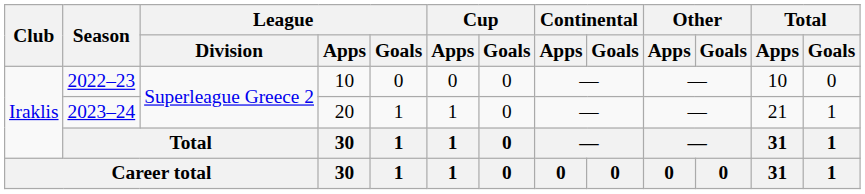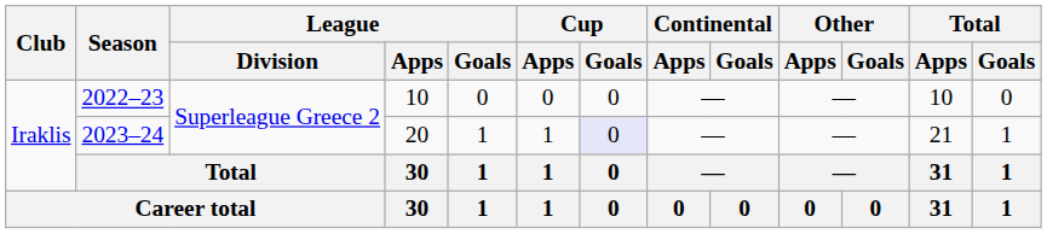 <table class="wikitable" style="text-align:center">
 <tr>
 <th rowspan=2>Club</th>
 <th rowspan=2>Season</th>
 <th colspan=3>League</th>
 <th colspan=2>Cup</th>
 <th colspan=2>Continental</th>
 <th colspan=2>Other</th>
 <th colspan=2>Total</th>
 </tr>
 <tr>
 <th>Division</th>
 <th>Apps</th>
 <th>Goals</th>
 <th>Apps</th>
 <th>Goals</th>
 <th>Apps</th>
 <th>Goals</th>
 <th>Apps</th>
 <th>Goals</th>
 <th>Apps</th>
 <th>Goals</th>
 </tr>
 <tr>
 <td rowspan="3"><a href='#'>Iraklis</a></td>
 <td><a href='#'>2022–23</a></td>
 <td rowspan="2"><a href='#'>Superleague Greece 2</a></td>
 <td>10</td>
 <td>0</td>
 <td>0</td>
 <td>0</td>
 <td colspan="2">—</td>
 <td colspan="2">—</td>
 <td>10</td>
 <td>0</td>
 </tr>
 <tr>
 <td><a href='#'>2023–24</a></td>
 <td>20</td>
 <td>1</td>
 <td>1</td>
-<td>0</td>
+<td style="background: lavender;">0</td>
 <td colspan="2">—</td>
 <td colspan="2">—</td>
 <td>21</td>
 <td>1</td>
 </tr>
 <tr>
 <th colspan="2">Total</th>
 <th>30</th>
 <th>1</th>
 <th>1</th>
 <th>0</th>
 <th colspan="2">—</th>
 <th colspan="2">—</th>
 <th>31</th>
 <th>1</th>
 </tr>
 <tr>
 <th colspan="3">Career total</th>
 <th>30</th>
 <th>1</th>
 <th>1</th>
 <th>0</th>
 <th>0</th>
 <th>0</th>
 <th>0</th>
 <th>0</th>
 <th>31</th>
 <th>1</th>
 </tr>
 </table>
